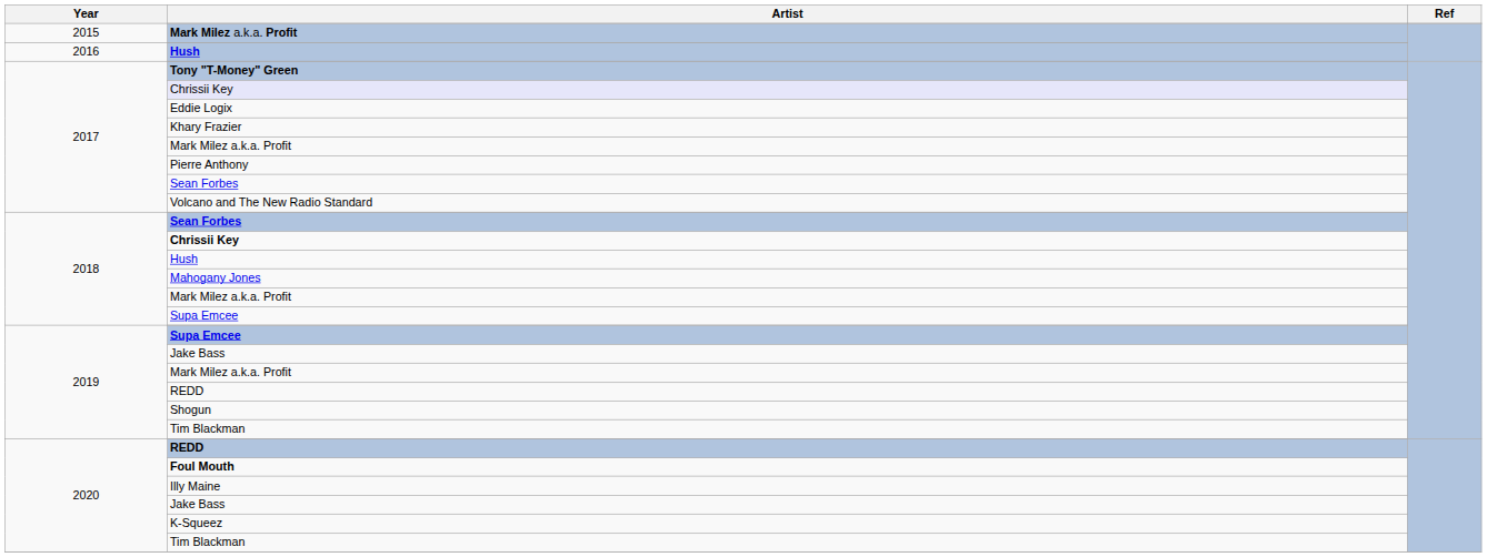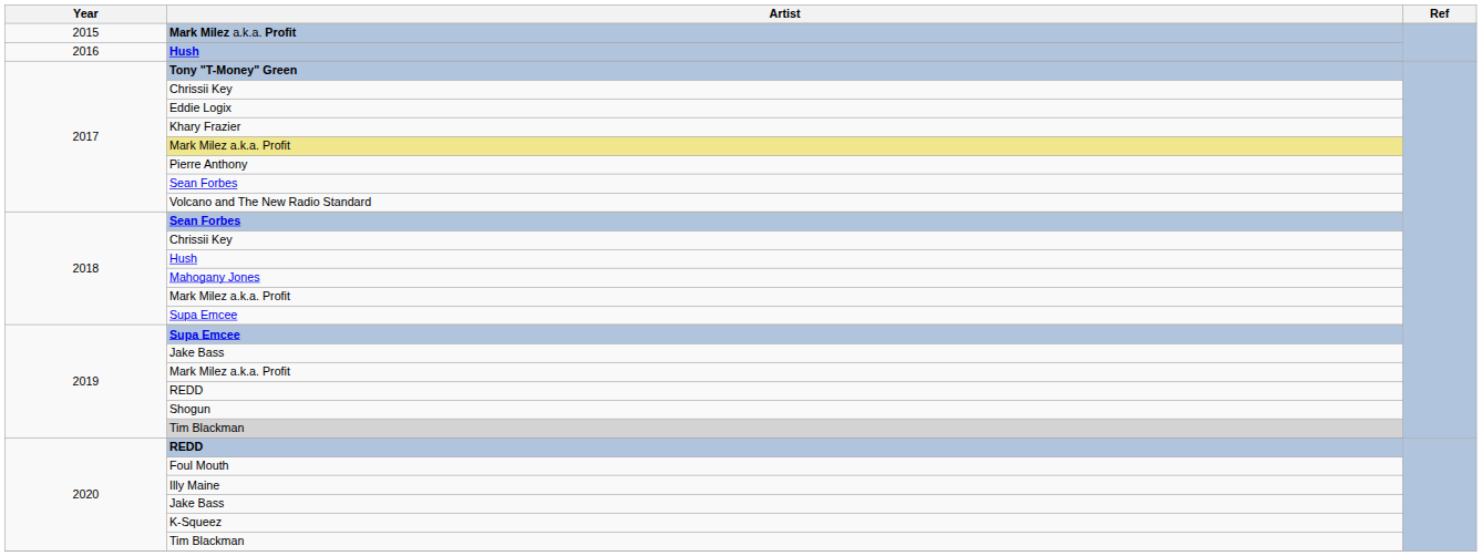 <table class="wikitable" style="width:100%;">
 <tr>
 <th style="width:11%;">Year</th>
 <th style="width:84%;">Artist</th>
 <th style="width:5%;">Ref</th>
 </tr>
 <tr>
 <td rowspan="2" align="center">2015</td>
 </tr>
 <tr style="background:#B0C4DE">
 <td><strong>Mark Milez</strong> a.k.a. <strong>Profit</strong></td>
 <td rowspan="4" align="center"></td>
 </tr>
 <tr>
 <td rowspan="2" align="center">2016</td>
 </tr>
 <tr style="background:#B0C4DE">
 <td><a href='#'><strong>Hush</strong></a></td>
 </tr>
 <tr>
 <td rowspan="9" align="center">2017</td>
 </tr>
 <tr style="background:#B0C4DE">
 <td><strong>Tony "T-Money" Green</strong></td>
 <td rowspan="23" align="center"></td>
 </tr>
 <tr>
-<td style="background: lavender;">Chrissii Key</td>
+<td>Chrissii Key</td>
 </tr>
 <tr>
 <td>Eddie Logix</td>
 </tr>
 <tr>
 <td>Khary Frazier</td>
 </tr>
 <tr>
-<td>Mark Milez a.k.a. Profit</td>
+<td style="background: khaki;">Mark Milez a.k.a. Profit</td>
 </tr>
 <tr>
 <td>Pierre Anthony</td>
 </tr>
 <tr>
 <td><a href='#'>Sean Forbes</a></td>
 </tr>
 <tr>
 <td>Volcano and The New Radio Standard</td>
 </tr>
 <tr>
 <td rowspan="7" align="center">2018</td>
 </tr>
 <tr style="background:#B0C4DE">
 <td><strong><a href='#'>Sean Forbes</a></strong></td>
 </tr>
 <tr>
-<td><strong>Chrissii Key</strong></td>
+<td>Chrissii Key</td>
 </tr>
 <tr>
 <td><a href='#'>Hush</a></td>
 </tr>
 <tr>
 <td><a href='#'>Mahogany Jones</a></td>
 </tr>
 <tr>
 <td>Mark Milez a.k.a. Profit</td>
 </tr>
 <tr>
 <td><a href='#'>Supa Emcee</a></td>
 </tr>
 <tr>
 <td rowspan="7" align="center">2019</td>
 </tr>
 <tr style="background:#B0C4DE">
 <td><a href='#'><strong>Supa Emcee</strong></a></td>
 </tr>
 <tr>
 <td>Jake Bass</td>
 </tr>
 <tr>
 <td>Mark Milez a.k.a. Profit</td>
 </tr>
 <tr>
 <td>REDD</td>
 </tr>
 <tr>
 <td>Shogun</td>
 </tr>
 <tr>
-<td>Tim Blackman</td>
+<td style="background: lightgrey;">Tim Blackman</td>
 </tr>
 <tr>
 <td rowspan="7" align="center">2020</td>
 </tr>
 <tr style="background:#B0C4DE">
 <td><strong>REDD</strong></td>
 <td rowspan="6" align="center"></td>
 </tr>
 <tr>
-<td><strong>Foul Mouth</strong></td>
+<td>Foul Mouth</td>
 </tr>
 <tr>
 <td>Illy Maine</td>
 </tr>
 <tr>
 <td>Jake Bass</td>
 </tr>
 <tr>
 <td>K-Squeez</td>
 </tr>
 <tr>
 <td>Tim Blackman</td>
 </tr>
 <tr>
 </tr>
 </table>
